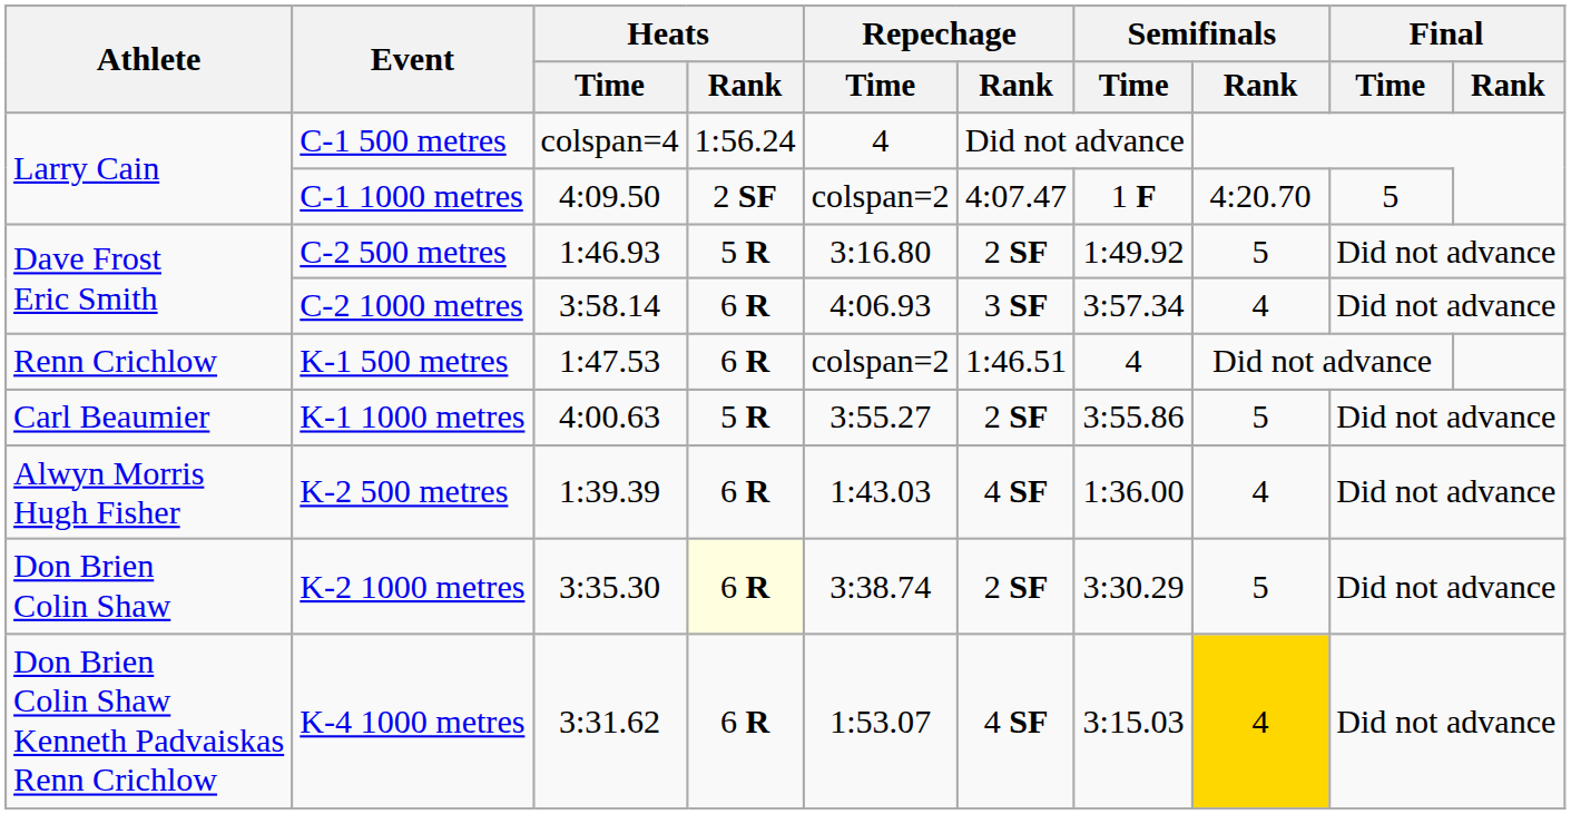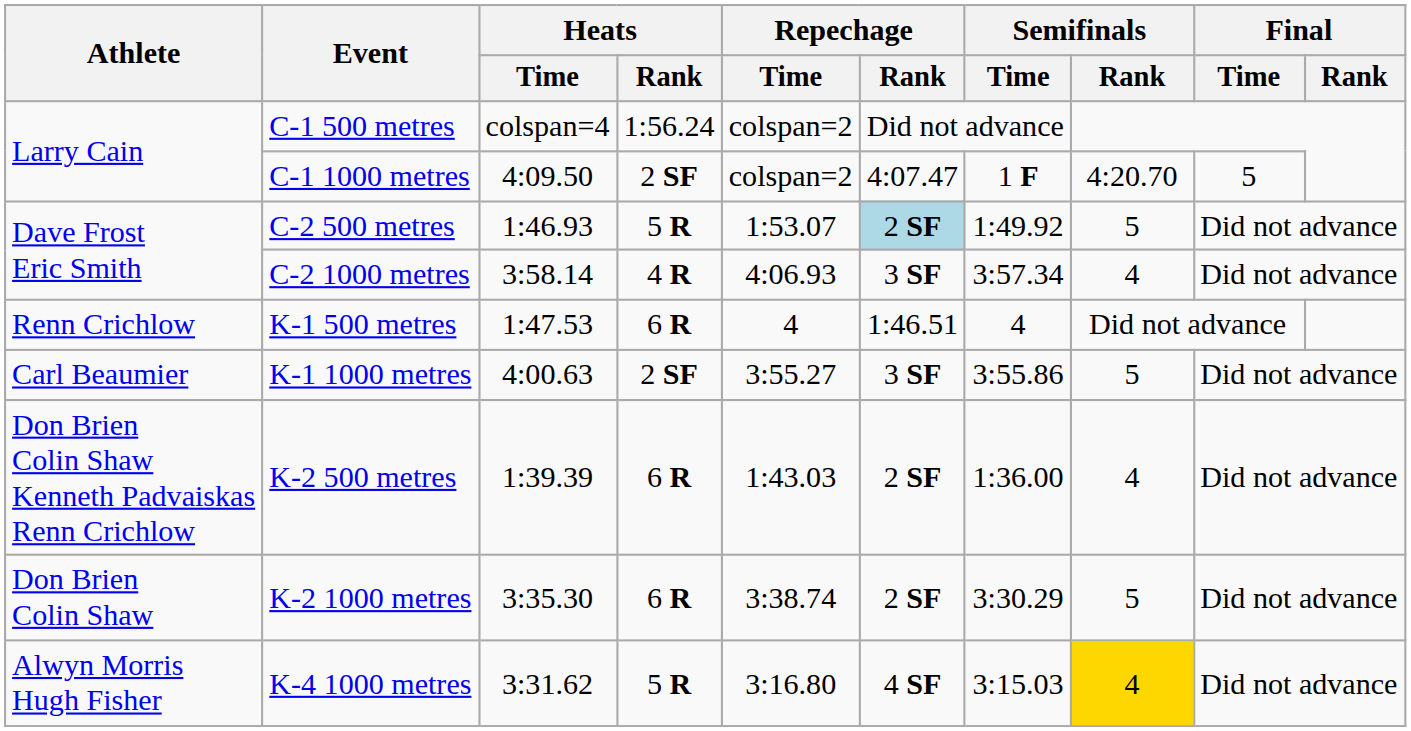 <table class=wikitable style="font-size:90%">
 <tr>
 <th rowspan="2">Athlete</th>
 <th rowspan="2">Event</th>
 <th colspan=2>Heats</th>
 <th colspan=2>Repechage</th>
 <th colspan=2>Semifinals</th>
 <th colspan=2>Final</th>
 </tr>
 <tr style="font-size:95%">
 <th>Time</th>
 <th>Rank</th>
 <th>Time</th>
 <th>Rank</th>
 <th>Time</th>
 <th>Rank</th>
 <th>Time</th>
 <th>Rank</th>
 </tr>
 <tr align=center>
 <td align=left rowspan=2><a href='#'>Larry Cain</a></td>
 <td align=left><a href='#'>C-1 500 metres</a></td>
 <td>colspan=4</td>
 <td>1:56.24</td>
-<td>4</td>
+<td>colspan=2</td>
 <td colspan=2>Did not advance</td>
 </tr>
 <tr align=center>
 <td align=left><a href='#'>C-1 1000 metres</a></td>
 <td>4:09.50</td>
 <td>2 <strong>SF</strong></td>
 <td>colspan=2</td>
 <td>4:07.47</td>
 <td>1 <strong>F</strong></td>
 <td>4:20.70</td>
 <td>5</td>
 </tr>
 <tr align=center>
 <td align=left rowspan=2><a href='#'>Dave Frost</a><br><a href='#'>Eric Smith</a></td>
 <td align=left><a href='#'>C-2 500 metres</a></td>
 <td>1:46.93</td>
 <td>5 <strong>R</strong></td>
-<td>3:16.80</td>
-<td>2 <strong>SF</strong></td>
+<td>1:53.07</td>
+<td style="background: lightblue;">2 <strong>SF</strong></td>
 <td>1:49.92</td>
 <td>5</td>
 <td colspan=2>Did not advance</td>
 </tr>
 <tr align=center>
 <td align=left><a href='#'>C-2 1000 metres</a></td>
 <td>3:58.14</td>
-<td>6 <strong>R</strong></td>
+<td>4 <strong>R</strong></td>
 <td>4:06.93</td>
 <td>3 <strong>SF</strong></td>
 <td>3:57.34</td>
 <td>4</td>
 <td colspan=2>Did not advance</td>
 </tr>
 <tr align=center>
 <td align=left><a href='#'>Renn Crichlow</a></td>
 <td align=left><a href='#'>K-1 500 metres</a></td>
 <td>1:47.53</td>
 <td>6 <strong>R</strong></td>
-<td>colspan=2</td>
+<td>4</td>
 <td>1:46.51</td>
 <td>4</td>
 <td colspan=2>Did not advance</td>
 </tr>
 <tr align=center>
 <td align=left><a href='#'>Carl Beaumier</a></td>
 <td align=left><a href='#'>K-1 1000 metres</a></td>
 <td>4:00.63</td>
-<td>5 <strong>R</strong></td>
+<td>2 <strong>SF</strong></td>
 <td>3:55.27</td>
-<td>2 <strong>SF</strong></td>
+<td>3 <strong>SF</strong></td>
 <td>3:55.86</td>
 <td>5</td>
 <td colspan=2>Did not advance</td>
 </tr>
 <tr align=center>
-<td align=left><a href='#'>Alwyn Morris</a><br><a href='#'>Hugh Fisher</a></td>
+<td align=left><a href='#'>Don Brien</a><br><a href='#'>Colin Shaw</a><br><a href='#'>Kenneth Padvaiskas</a><br><a href='#'>Renn Crichlow</a></td>
 <td align=left><a href='#'>K-2 500 metres</a></td>
 <td>1:39.39</td>
 <td>6 <strong>R</strong></td>
 <td>1:43.03</td>
-<td>4 <strong>SF</strong></td>
+<td>2 <strong>SF</strong></td>
 <td>1:36.00</td>
 <td>4</td>
 <td colspan=2>Did not advance</td>
 </tr>
 <tr align=center>
 <td align=left><a href='#'>Don Brien</a><br><a href='#'>Colin Shaw</a></td>
 <td align=left><a href='#'>K-2 1000 metres</a></td>
 <td>3:35.30</td>
-<td style="background: lightyellow;">6 <strong>R</strong></td>
+<td>6 <strong>R</strong></td>
 <td>3:38.74</td>
 <td>2 <strong>SF</strong></td>
 <td>3:30.29</td>
 <td>5</td>
 <td colspan=2>Did not advance</td>
 </tr>
 <tr align=center>
-<td align=left><a href='#'>Don Brien</a><br><a href='#'>Colin Shaw</a><br><a href='#'>Kenneth Padvaiskas</a><br><a href='#'>Renn Crichlow</a></td>
+<td align=left><a href='#'>Alwyn Morris</a><br><a href='#'>Hugh Fisher</a></td>
 <td align=left><a href='#'>K-4 1000 metres</a></td>
 <td>3:31.62</td>
-<td>6 <strong>R</strong></td>
-<td>1:53.07</td>
+<td>5 <strong>R</strong></td>
+<td>3:16.80</td>
 <td>4 <strong>SF</strong></td>
 <td>3:15.03</td>
 <td style="background: gold;">4</td>
 <td colspan=2>Did not advance</td>
 </tr>
 </table>
